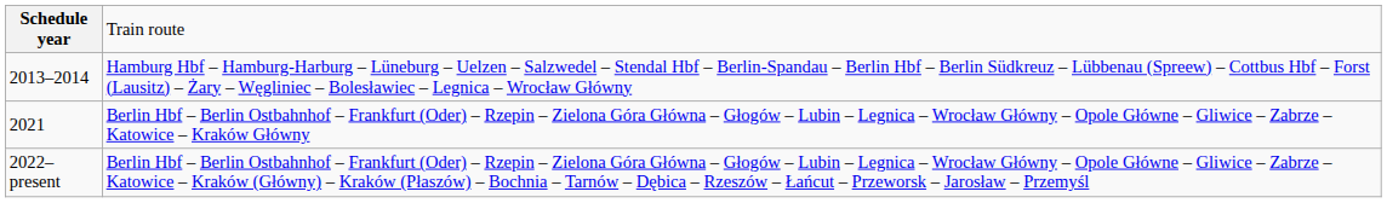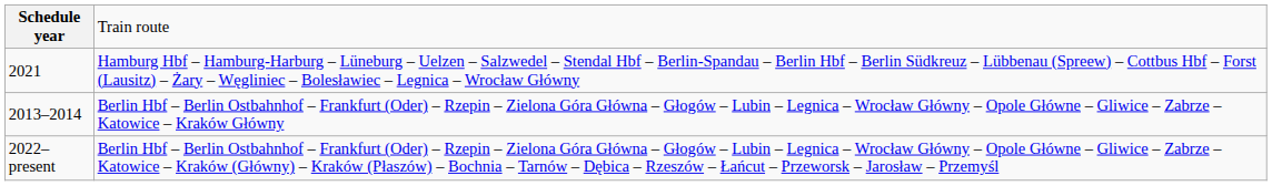 <table class="wikitable">
 <tr>
 <th>Schedule year</th>
 <td>Train route</td>
 </tr>
 <tr>
-<td><div>2013–2014</div></td>
+<td><div>2021</div></td>
 <td><a href='#'>Hamburg Hbf</a> – <a href='#'>Hamburg-Harburg</a> –  <a href='#'>Lüneburg</a> – <a href='#'>Uelzen</a> – <a href='#'>Salzwedel</a> – <a href='#'>Stendal Hbf</a> – <a href='#'>Berlin-Spandau</a> – <a href='#'>Berlin Hbf</a> – <a href='#'>Berlin Südkreuz</a> – <a href='#'>Lübbenau (Spreew)</a> – <a href='#'>Cottbus Hbf</a> – <a href='#'>Forst (Lausitz)</a> – <a href='#'>Żary</a> – <a href='#'>Węgliniec</a> – <a href='#'>Bolesławiec</a> – <a href='#'>Legnica</a> – <a href='#'>Wrocław Główny</a></td>
 </tr>
 <tr>
-<td><div>2021</div></td>
+<td><div>2013–2014</div></td>
 <td><a href='#'>Berlin Hbf</a> – <a href='#'>Berlin Ostbahnhof</a> – <a href='#'>Frankfurt (Oder)</a> – <a href='#'>Rzepin</a> – <a href='#'>Zielona Góra Główna</a> – <a href='#'>Głogów</a> – <a href='#'>Lubin</a> – <a href='#'>Legnica</a> – <a href='#'>Wrocław Główny</a> – <a href='#'>Opole Główne</a> – <a href='#'>Gliwice</a> – <a href='#'>Zabrze</a> – <a href='#'>Katowice</a> – <a href='#'>Kraków Główny</a></td>
 </tr>
 <tr>
 <td><div>2022–present</div></td>
 <td><a href='#'>Berlin Hbf</a> – <a href='#'>Berlin Ostbahnhof</a> – <a href='#'>Frankfurt (Oder)</a> – <a href='#'>Rzepin</a> – <a href='#'>Zielona Góra Główna</a> – <a href='#'>Głogów</a> – <a href='#'>Lubin</a> – <a href='#'>Legnica</a> – <a href='#'>Wrocław Główny</a> – <a href='#'>Opole Główne</a> – <a href='#'>Gliwice</a> – <a href='#'>Zabrze</a> – <a href='#'>Katowice</a> – <a href='#'>Kraków (Główny)</a> – <a href='#'>Kraków (Płaszów)</a> – <a href='#'>Bochnia</a> – <a href='#'>Tarnów</a> – <a href='#'>Dębica</a> – <a href='#'>Rzeszów</a> – <a href='#'>Łańcut</a> – <a href='#'>Przeworsk</a> – <a href='#'>Jarosław</a> – <a href='#'>Przemyśl</a></td>
 </tr>
 </table>
